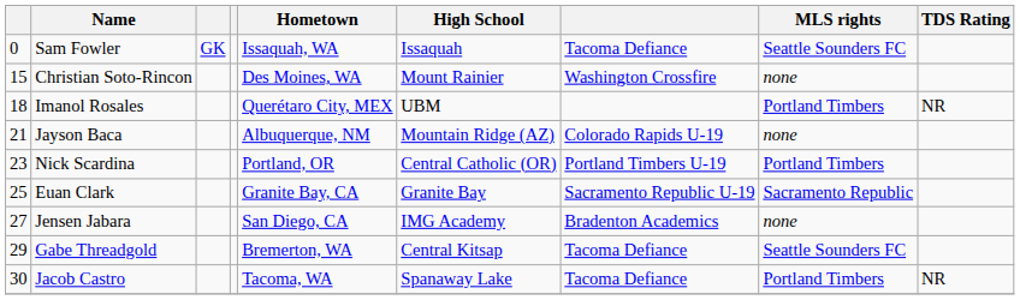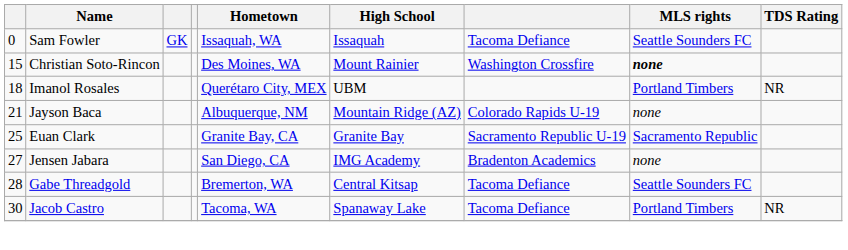 <table class="wikitable" style="font-size:90%;" border="1">
 <tr>
 <th></th>
 <th>Name</th>
 <th></th>
 <th></th>
 <th>Hometown</th>
 <th>High School</th>
 <th></th>
 <th>MLS rights</th>
 <th>TDS Rating</th>
 </tr>
 <tr>
 <td>0</td>
 <td>Sam Fowler</td>
 <td><a href='#'>GK</a></td>
 <td></td>
 <td><a href='#'>Issaquah, WA</a></td>
 <td><a href='#'>Issaquah</a></td>
 <td><a href='#'>Tacoma Defiance</a></td>
 <td><a href='#'>Seattle Sounders FC</a></td>
 <td></td>
 </tr>
 <tr>
 <td>15</td>
 <td>Christian Soto-Rincon</td>
 <td></td>
 <td></td>
 <td><a href='#'>Des Moines, WA</a></td>
 <td><a href='#'>Mount Rainier</a></td>
 <td><a href='#'>Washington Crossfire</a></td>
-<td><em>none</em></td>
+<td><strong><em>none</em></strong></td>
 <td></td>
 </tr>
 <tr>
 <td>18</td>
 <td>Imanol Rosales</td>
 <td></td>
 <td></td>
 <td><a href='#'>Querétaro City, MEX</a></td>
 <td>UBM</td>
 <td></td>
 <td><a href='#'>Portland Timbers</a></td>
 <td>NR</td>
 </tr>
 <tr>
 <td>21</td>
 <td>Jayson Baca</td>
 <td></td>
 <td></td>
 <td><a href='#'>Albuquerque, NM</a></td>
 <td><a href='#'>Mountain Ridge (AZ)</a></td>
 <td><a href='#'>Colorado Rapids U-19</a></td>
 <td><em>none</em></td>
 <td></td>
 </tr>
 <tr>
-<td>23</td>
-<td>Nick Scardina</td>
-<td></td>
-<td></td>
-<td><a href='#'>Portland, OR</a></td>
-<td><a href='#'>Central Catholic (OR)</a></td>
-<td><a href='#'>Portland Timbers U-19</a></td>
-<td><a href='#'>Portland Timbers</a></td>
-<td></td>
-</tr>
-<tr>
 <td>25</td>
 <td>Euan Clark</td>
 <td></td>
 <td></td>
 <td><a href='#'>Granite Bay, CA</a></td>
 <td><a href='#'>Granite Bay</a></td>
 <td><a href='#'>Sacramento Republic U-19</a></td>
 <td><a href='#'>Sacramento Republic</a></td>
 <td></td>
 </tr>
 <tr>
 <td>27</td>
 <td>Jensen Jabara</td>
 <td></td>
 <td></td>
 <td><a href='#'>San Diego, CA</a></td>
 <td><a href='#'>IMG Academy</a></td>
 <td><a href='#'>Bradenton Academics</a></td>
 <td><em>none</em></td>
 <td></td>
 </tr>
 <tr>
-<td>29</td>
+<td>28</td>
 <td><a href='#'>Gabe Threadgold</a></td>
 <td></td>
 <td></td>
 <td><a href='#'>Bremerton, WA</a></td>
 <td><a href='#'>Central Kitsap</a></td>
 <td><a href='#'>Tacoma Defiance</a></td>
 <td><a href='#'>Seattle Sounders FC</a></td>
 <td></td>
 </tr>
 <tr>
 <td>30</td>
 <td><a href='#'>Jacob Castro</a></td>
 <td></td>
 <td></td>
 <td><a href='#'>Tacoma, WA</a></td>
 <td><a href='#'>Spanaway Lake</a></td>
 <td><a href='#'>Tacoma Defiance</a></td>
 <td><a href='#'>Portland Timbers</a></td>
 <td>NR</td>
 </tr>
 <tr>
 </tr>
 </table>
